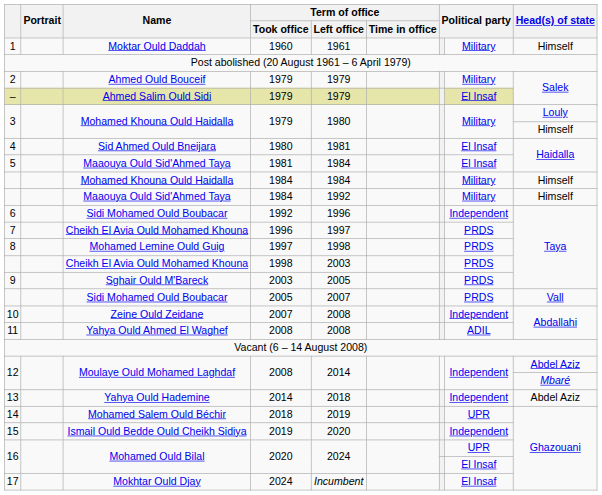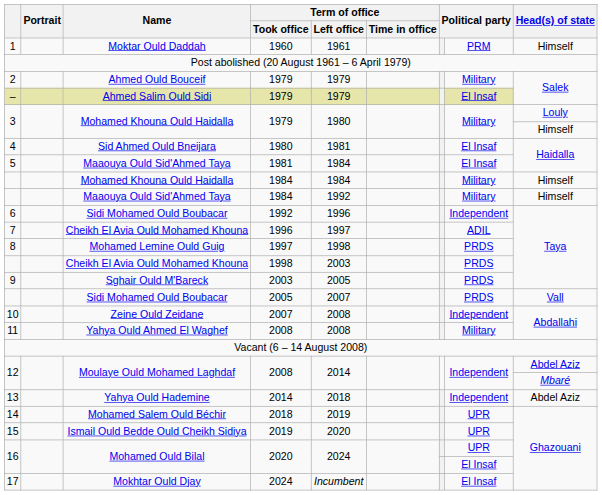 <table class="wikitable" style="text-align:center">
 <tr>
 <th rowspan="2"></th>
 <th rowspan="2">Portrait</th>
 <th rowspan="2">Name<br></th>
 <th colspan="3">Term of office</th>
 <th colspan="2" rowspan="2">Political party</th>
 <th rowspan="2"><a href='#'>Head(s) of state</a></th>
 </tr>
 <tr>
 <th>Took office</th>
 <th>Left office</th>
 <th>Time in office</th>
 </tr>
 <tr>
 <td>1</td>
 <td></td>
 <td><a href='#'>Moktar Ould Daddah</a><br></td>
 <td> 1960</td>
 <td> 1961</td>
 <td></td>
 <th style="background:"></th>
-<td><a href='#'>Military</a></td>
+<td><a href='#'>PRM</a></td>
 <td>Himself</td>
 </tr>
 <tr>
 <td colspan="9">Post abolished (20 August 1961 – 6 April 1979)</td>
 </tr>
 <tr>
 <td>2</td>
 <td></td>
 <td><a href='#'>Ahmed Ould Bouceif</a><br></td>
 <td> 1979</td>
 <td> 1979<br></td>
 <td></td>
 <th style="background:"></th>
 <td><a href='#'>Military</a></td>
 <td rowspan=3><a href='#'>Salek</a></td>
 </tr>
 <tr style="background:#e6e6aa;">
 <td>–</td>
 <td></td>
 <td><a href='#'>Ahmed Salim Ould Sidi</a><br></td>
 <td> 1979</td>
 <td> 1979</td>
 <td></td>
 <th style="background:"></th>
 <td><a href='#'>El Insaf</a></td>
 </tr>
 <tr>
 <td rowspan=3>3</td>
 <td rowspan=3></td>
 <td rowspan=3><a href='#'>Mohamed Khouna Ould Haidalla</a><br></td>
 <td rowspan=3> 1979</td>
 <td rowspan=3> 1980</td>
 <td rowspan=3></td>
 <th rowspan=3 style="background:"></th>
 <td rowspan=3><a href='#'>Military</a></td>
 </tr>
 <tr>
 <td><a href='#'>Louly</a></td>
 </tr>
 <tr>
 <td>Himself</td>
 </tr>
 <tr>
 <td>4</td>
 <td></td>
 <td><a href='#'>Sid Ahmed Ould Bneijara</a><br></td>
 <td> 1980</td>
 <td> 1981</td>
 <td></td>
 <th style="background:"></th>
 <td><a href='#'>El Insaf</a></td>
 <td rowspan=2><a href='#'>Haidalla</a></td>
 </tr>
 <tr>
 <td>5</td>
 <td></td>
 <td><a href='#'>Maaouya Ould Sid'Ahmed Taya</a><br></td>
 <td> 1981</td>
 <td> 1984</td>
 <td></td>
 <th style="background:"></th>
 <td><a href='#'>El Insaf</a></td>
 </tr>
 <tr>
 <td></td>
 <td></td>
 <td><a href='#'>Mohamed Khouna Ould Haidalla</a><br></td>
 <td> 1984</td>
 <td> 1984<br></td>
 <td></td>
 <th style="background:"></th>
 <td><a href='#'>Military</a></td>
 <td>Himself</td>
 </tr>
 <tr>
 <td></td>
 <td></td>
 <td><a href='#'>Maaouya Ould Sid'Ahmed Taya</a><br></td>
 <td> 1984</td>
 <td> 1992</td>
 <td></td>
 <th style="background:"></th>
 <td><a href='#'>Military</a></td>
 <td>Himself</td>
 </tr>
 <tr>
 <td>6</td>
 <td></td>
 <td><a href='#'>Sidi Mohamed Ould Boubacar</a><br></td>
 <td> 1992</td>
 <td> 1996</td>
 <td></td>
 <th style="background:"></th>
 <td><a href='#'>Independent</a></td>
 <td rowspan=5><a href='#'>Taya</a></td>
 </tr>
 <tr>
 <td>7</td>
 <td></td>
 <td><a href='#'>Cheikh El Avia Ould Mohamed Khouna</a><br></td>
 <td> 1996</td>
 <td> 1997</td>
 <td></td>
 <th style="background:"></th>
-<td><a href='#'>PRDS</a></td>
+<td><a href='#'>ADIL</a></td>
 </tr>
 <tr>
 <td>8</td>
 <td></td>
 <td><a href='#'>Mohamed Lemine Ould Guig</a><br></td>
 <td> 1997</td>
 <td> 1998</td>
 <td></td>
 <th style="background:"></th>
 <td><a href='#'>PRDS</a></td>
 </tr>
 <tr>
 <td></td>
 <td></td>
 <td><a href='#'>Cheikh El Avia Ould Mohamed Khouna</a><br></td>
 <td> 1998</td>
 <td> 2003</td>
 <td></td>
 <th style="background:"></th>
 <td><a href='#'>PRDS</a></td>
 </tr>
 <tr>
 <td>9</td>
 <td></td>
 <td><a href='#'>Sghair Ould M'Bareck</a><br></td>
 <td> 2003</td>
 <td> 2005<br></td>
 <td></td>
 <th style="background:"></th>
 <td><a href='#'>PRDS</a></td>
 </tr>
 <tr>
 <td></td>
 <td></td>
 <td><a href='#'>Sidi Mohamed Ould Boubacar</a><br></td>
 <td> 2005</td>
 <td> 2007</td>
 <td></td>
 <th style="background:"></th>
 <td><a href='#'>PRDS</a></td>
 <td><a href='#'>Vall</a></td>
 </tr>
 <tr>
 <td>10</td>
 <td></td>
 <td><a href='#'>Zeine Ould Zeidane</a><br></td>
 <td> 2007</td>
 <td> 2008</td>
 <td></td>
 <th style="background:"></th>
 <td><a href='#'>Independent</a></td>
 <td rowspan=2><a href='#'>Abdallahi</a></td>
 </tr>
 <tr>
 <td>11</td>
 <td></td>
 <td><a href='#'>Yahya Ould Ahmed El Waghef</a><br></td>
 <td> 2008</td>
 <td> 2008<br></td>
 <td></td>
 <th style="background:"></th>
-<td><a href='#'>ADIL</a></td>
+<td><a href='#'>Military</a></td>
 </tr>
 <tr>
 <td colspan="9">Vacant (6 – 14 August 2008)</td>
 </tr>
 <tr>
 <td rowspan=2>12</td>
 <td rowspan=2></td>
 <td rowspan=2><a href='#'>Moulaye Ould Mohamed Laghdaf</a><br></td>
 <td rowspan=2> 2008</td>
 <td rowspan=2> 2014</td>
 <td rowspan=2></td>
 <td rowspan=2 style="background:"></td>
 <td rowspan=2><a href='#'>Independent</a></td>
 <td><a href='#'>Abdel Aziz</a></td>
 </tr>
 <tr>
 <td><em><a href='#'>Mbaré</a></em></td>
 </tr>
 <tr>
 <td>13</td>
 <td></td>
 <td><a href='#'>Yahya Ould Hademine</a><br></td>
 <td> 2014</td>
 <td> 2018</td>
 <td></td>
 <th style="background:"></th>
 <td><a href='#'>Independent</a></td>
 <td rowspan=2>Abdel Aziz</td>
 </tr>
 <tr>
 <td rowspan=2>14</td>
 <td rowspan=2></td>
 <td rowspan=2><a href='#'>Mohamed Salem Ould Béchir</a><br></td>
 <td rowspan=2> 2018</td>
 <td rowspan=2> 2019</td>
 <td rowspan=2></td>
 <th rowspan=2 style="background:"></th>
 <td rowspan=2><a href='#'>UPR</a></td>
 </tr>
 <tr>
 <td rowspan=5><a href='#'>Ghazouani</a></td>
 </tr>
 <tr>
 <td>15</td>
 <td></td>
 <td><a href='#'>Ismail Ould Bedde Ould Cheikh Sidiya</a><br></td>
 <td> 2019</td>
 <td> 2020</td>
 <td></td>
 <th style="background:"></th>
-<td><a href='#'>Independent</a></td>
+<td><a href='#'>UPR</a></td>
 </tr>
 <tr>
 <td rowspan=2>16</td>
 <td rowspan=2></td>
 <td rowspan=2><a href='#'>Mohamed Ould Bilal</a><br></td>
 <td rowspan=2> 2020</td>
 <td rowspan=2> 2024</td>
 <td rowspan=2></td>
 <th style="background:"></th>
 <td><a href='#'>UPR</a></td>
 </tr>
 <tr>
 <th style="background:"></th>
 <td><a href='#'>El Insaf</a></td>
 </tr>
 <tr>
 <td>17</td>
 <td></td>
 <td><a href='#'>Mokhtar Ould Djay</a><br></td>
 <td> 2024</td>
 <td><em>Incumbent</em></td>
 <td></td>
 <th style="background:"></th>
 <td><a href='#'>El Insaf</a></td>
 </tr>
 </table>
